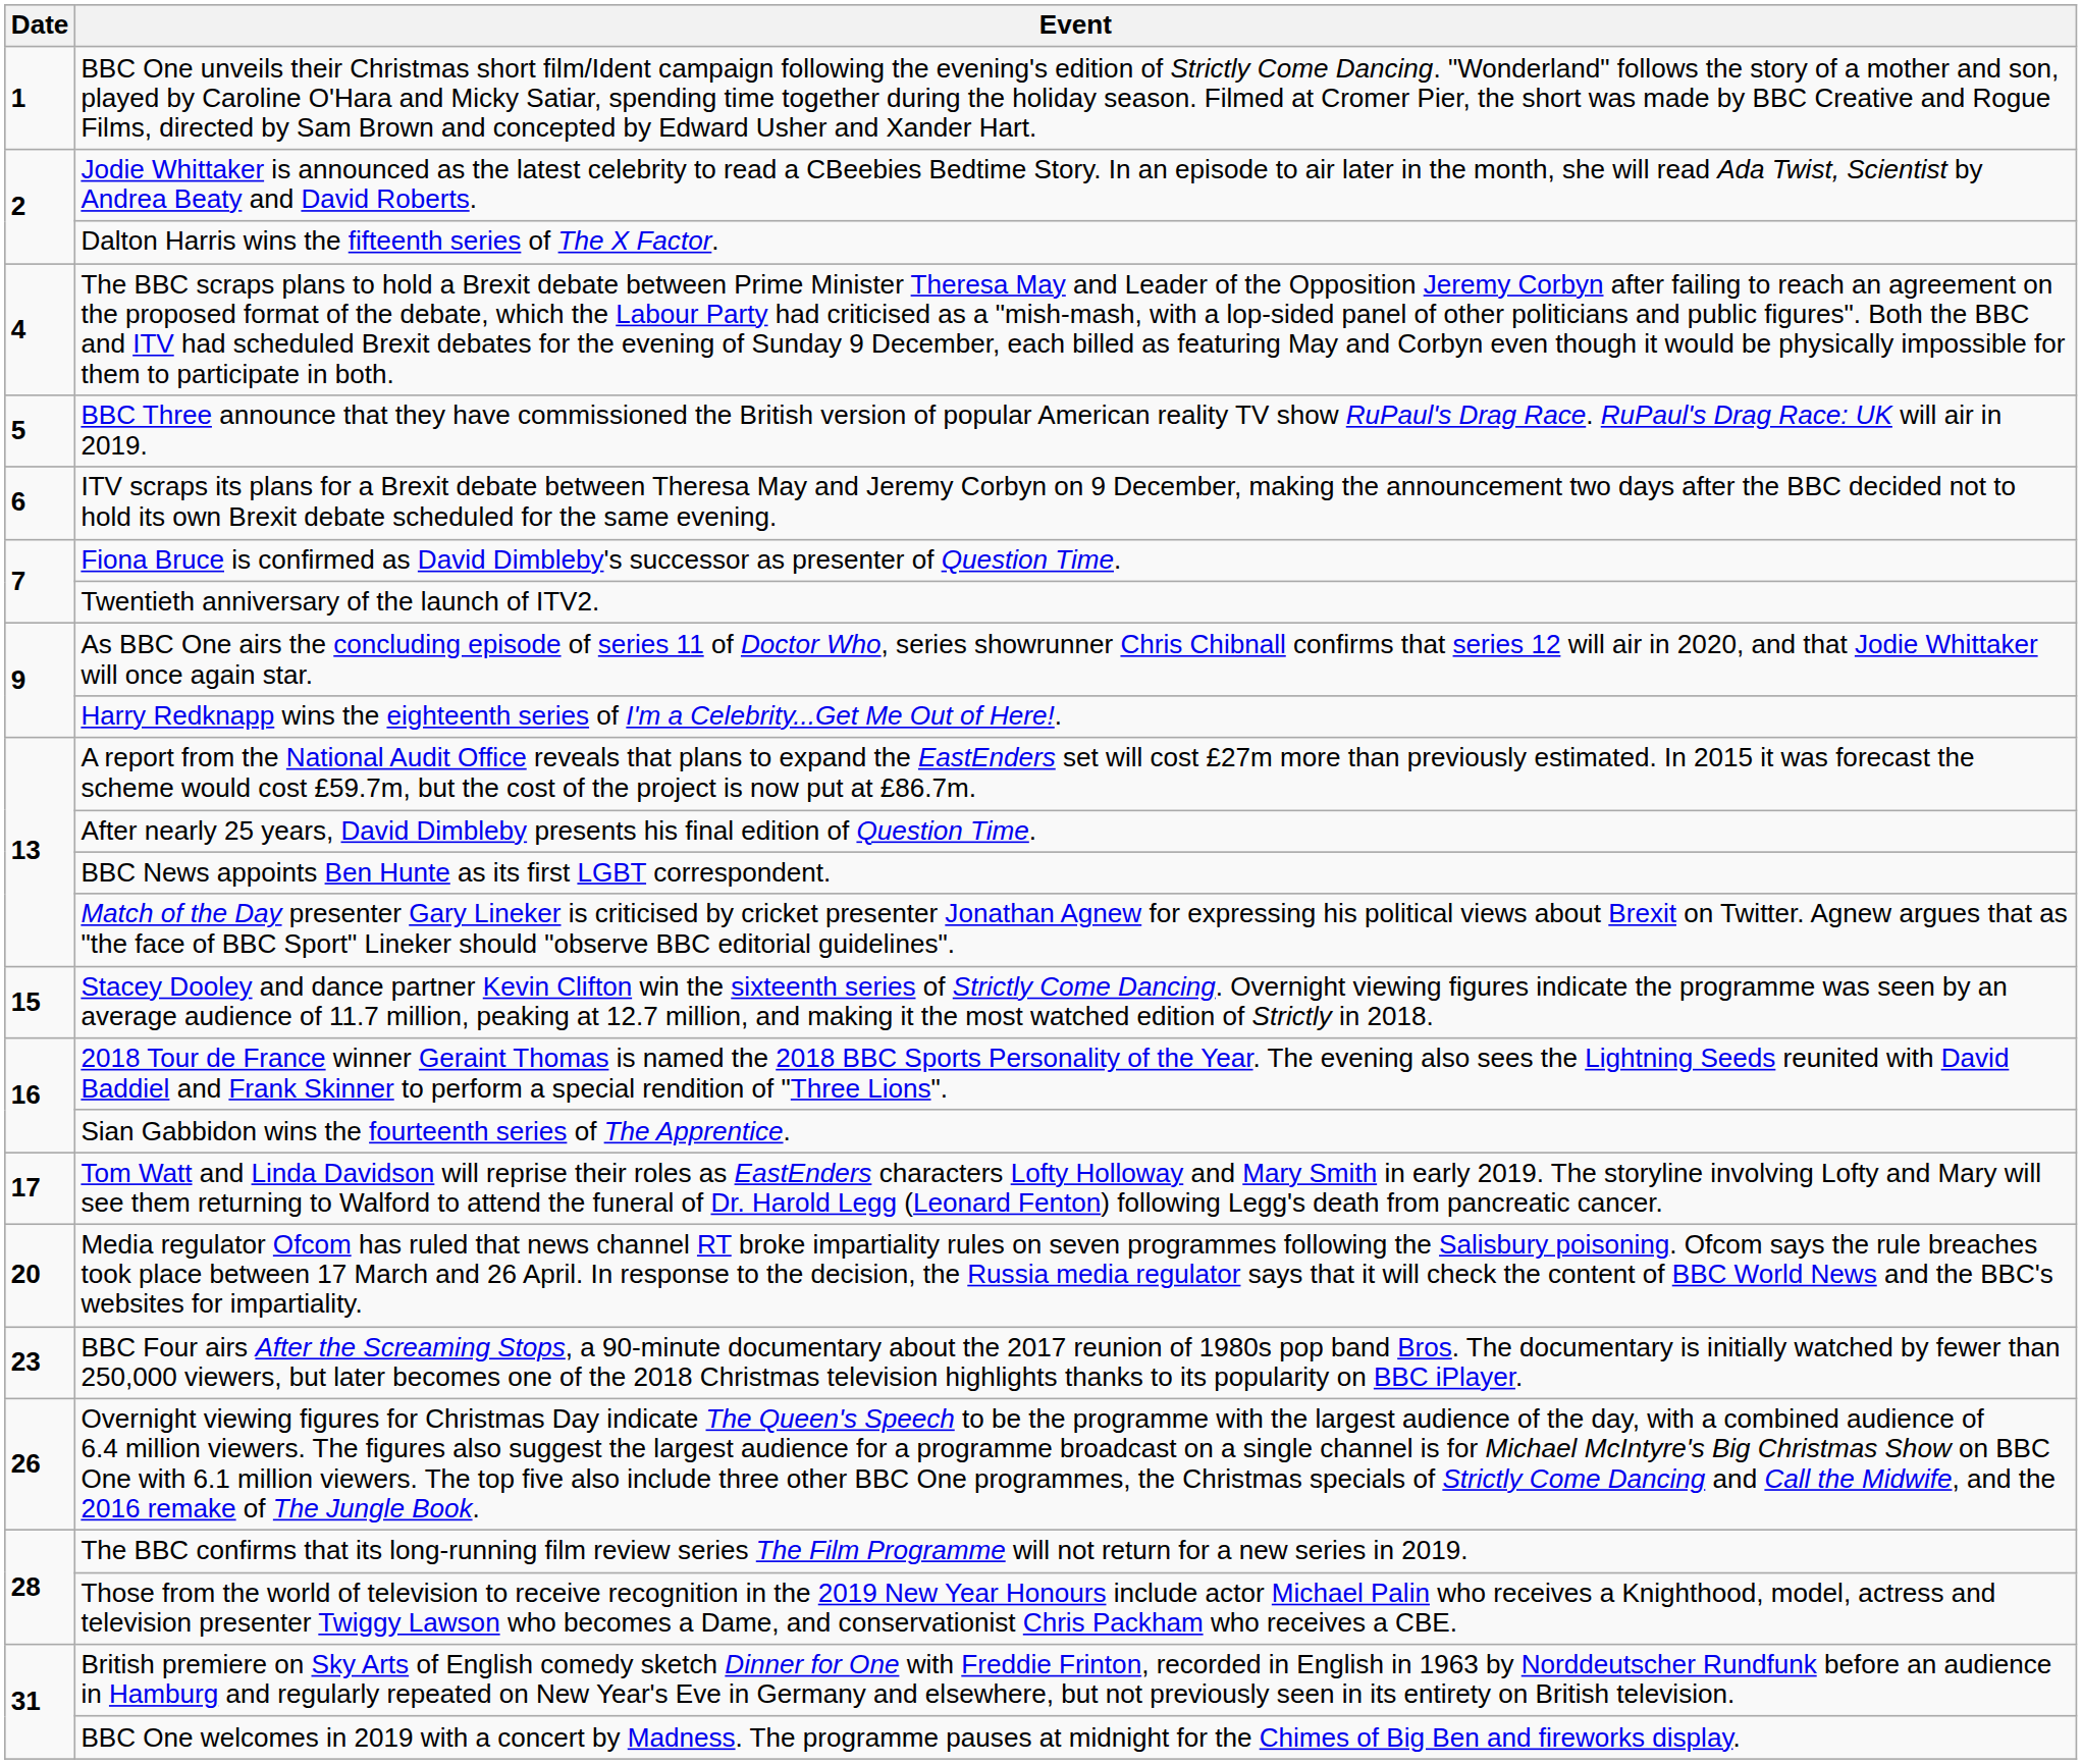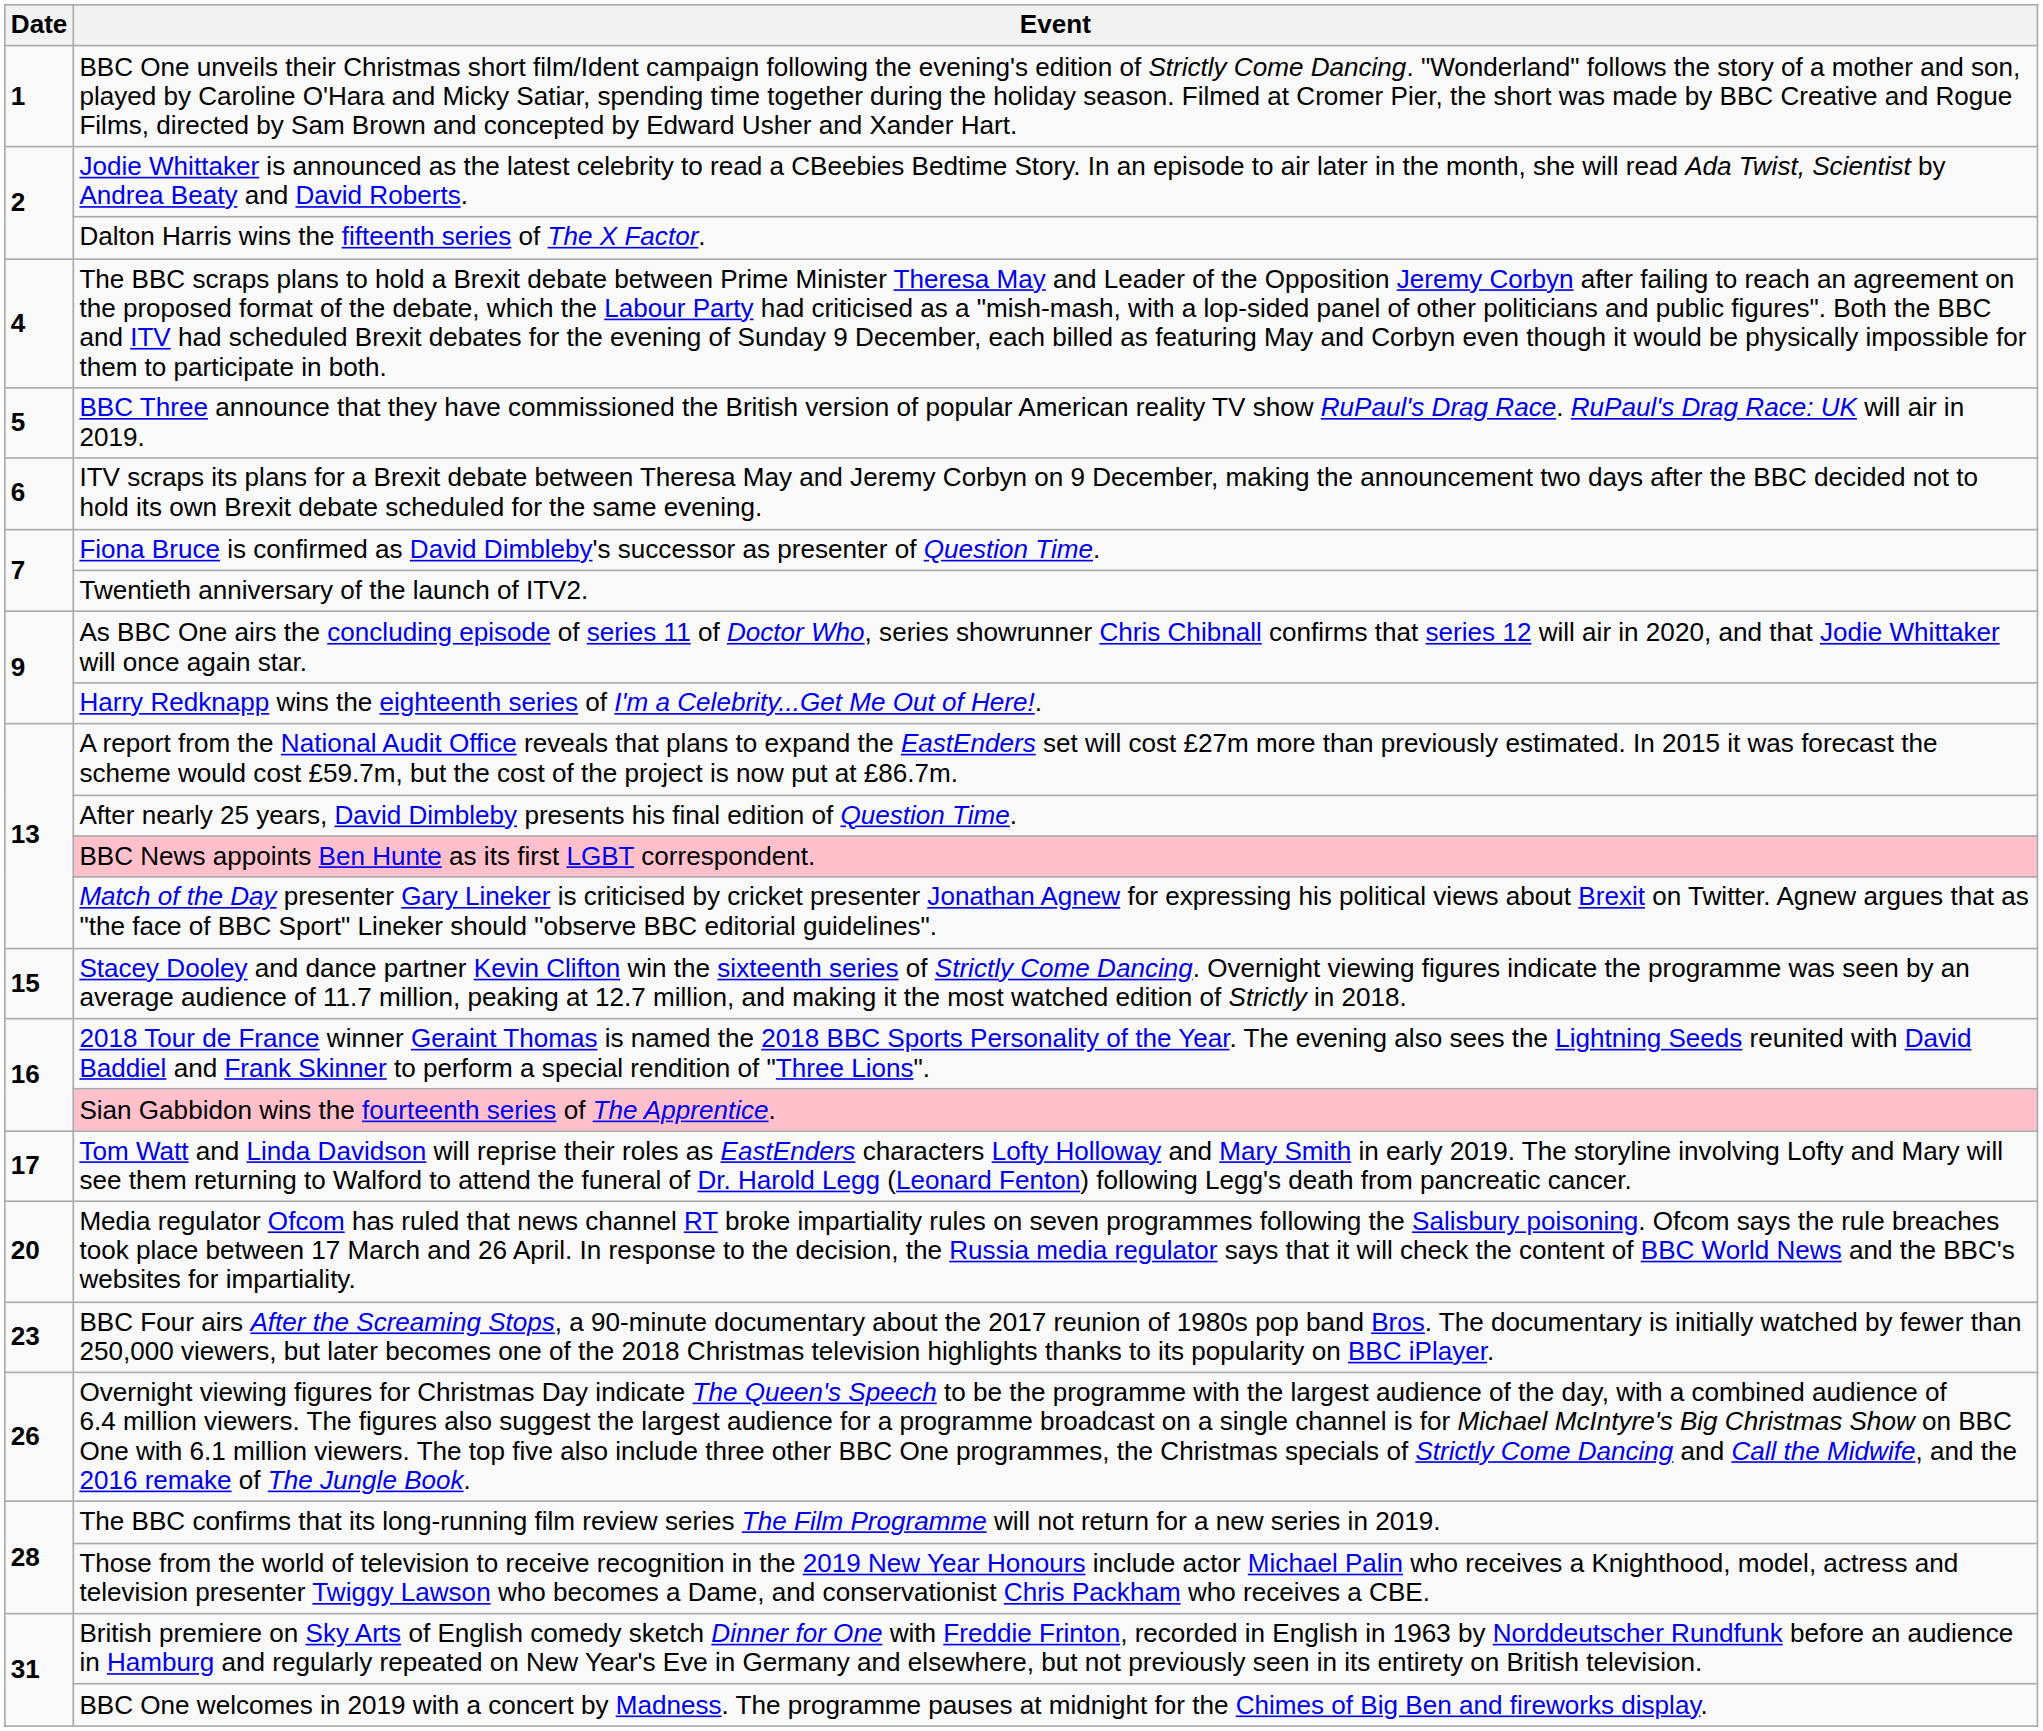 <table class="wikitable">
 <tr>
 <th>Date</th>
 <th>Event</th>
 </tr>
 <tr>
 <td><strong>1</strong></td>
 <td>BBC One unveils their Christmas short film/Ident campaign following the evening's edition of <em>Strictly Come Dancing</em>. "Wonderland" follows the story of a mother and son, played by Caroline O'Hara and Micky Satiar, spending time together during the holiday season. Filmed at Cromer Pier, the short was made by BBC Creative and Rogue Films, directed by Sam Brown and concepted by Edward Usher and Xander Hart.</td>
 </tr>
 <tr>
 <td rowspan=2><strong>2</strong></td>
 <td><a href='#'>Jodie Whittaker</a> is announced as the latest celebrity to read a CBeebies Bedtime Story. In an episode to air later in the month, she will read <em>Ada Twist, Scientist</em> by <a href='#'>Andrea Beaty</a> and <a href='#'>David Roberts</a>.</td>
 </tr>
 <tr>
 <td>Dalton Harris wins the <a href='#'>fifteenth series</a> of <em><a href='#'>The X Factor</a></em>.</td>
 </tr>
 <tr>
 <td><strong>4</strong></td>
 <td>The BBC scraps plans to hold a Brexit debate between Prime Minister <a href='#'>Theresa May</a> and Leader of the Opposition <a href='#'>Jeremy Corbyn</a> after failing to reach an agreement on the proposed format of the debate, which the <a href='#'>Labour Party</a> had criticised as a "mish-mash, with a lop-sided panel of other politicians and public figures". Both the BBC and <a href='#'>ITV</a> had scheduled Brexit debates for the evening of Sunday 9 December, each billed as featuring May and Corbyn even though it would be physically impossible for them to participate in both.</td>
 </tr>
 <tr>
 <td><strong>5</strong></td>
 <td><a href='#'>BBC Three</a> announce that they have commissioned the British version of popular American reality TV show <em><a href='#'>RuPaul's Drag Race</a></em>. <em><a href='#'>RuPaul's Drag Race: UK</a></em> will air in 2019.</td>
 </tr>
 <tr>
 <td><strong>6</strong></td>
 <td>ITV scraps its plans for a Brexit debate between Theresa May and Jeremy Corbyn on 9 December, making the announcement two days after the BBC decided not to hold its own Brexit debate scheduled for the same evening.</td>
 </tr>
 <tr>
 <td rowspan=2><strong>7</strong></td>
 <td><a href='#'>Fiona Bruce</a> is confirmed as <a href='#'>David Dimbleby</a>'s successor as presenter of <em><a href='#'>Question Time</a></em>.</td>
 </tr>
 <tr>
 <td>Twentieth anniversary of the launch of ITV2.</td>
 </tr>
 <tr>
 <td rowspan=2><strong>9</strong></td>
 <td>As BBC One airs the <a href='#'>concluding episode</a> of <a href='#'>series 11</a> of <em><a href='#'>Doctor Who</a></em>, series showrunner <a href='#'>Chris Chibnall</a> confirms that <a href='#'>series 12</a> will air in 2020, and that <a href='#'>Jodie Whittaker</a> will once again star.</td>
 </tr>
 <tr>
 <td><a href='#'>Harry Redknapp</a> wins the <a href='#'>eighteenth series</a> of <em><a href='#'>I'm a Celebrity...Get Me Out of Here!</a></em>.</td>
 </tr>
 <tr>
 <td rowspan=4><strong>13</strong></td>
 <td>A report from the <a href='#'>National Audit Office</a> reveals that plans to expand the <em><a href='#'>EastEnders</a></em> set will cost £27m more than previously estimated. In 2015 it was forecast the scheme would cost £59.7m, but the cost of the project is now put at £86.7m.</td>
 </tr>
 <tr>
 <td>After nearly 25 years, <a href='#'>David Dimbleby</a> presents his final edition of <em><a href='#'>Question Time</a></em>.</td>
 </tr>
 <tr>
-<td>BBC News appoints <a href='#'>Ben Hunte</a> as its first <a href='#'>LGBT</a> correspondent.</td>
+<td style="background: pink;">BBC News appoints <a href='#'>Ben Hunte</a> as its first <a href='#'>LGBT</a> correspondent.</td>
 </tr>
 <tr>
 <td><em><a href='#'>Match of the Day</a></em> presenter <a href='#'>Gary Lineker</a> is criticised by cricket presenter <a href='#'>Jonathan Agnew</a> for expressing his political views about <a href='#'>Brexit</a> on Twitter. Agnew argues that as "the face of BBC Sport" Lineker should "observe BBC editorial guidelines".</td>
 </tr>
 <tr>
 <td><strong>15</strong></td>
 <td><a href='#'>Stacey Dooley</a> and dance partner <a href='#'>Kevin Clifton</a> win the <a href='#'>sixteenth series</a> of <em><a href='#'>Strictly Come Dancing</a></em>. Overnight viewing figures indicate the programme was seen by an average audience of 11.7 million, peaking at 12.7 million, and making it the most watched edition of <em>Strictly</em> in 2018.</td>
 </tr>
 <tr>
 <td rowspan=2><strong>16</strong></td>
 <td><a href='#'>2018 Tour de France</a> winner <a href='#'>Geraint Thomas</a> is named the <a href='#'>2018 BBC Sports Personality of the Year</a>. The evening also sees the <a href='#'>Lightning Seeds</a> reunited with <a href='#'>David Baddiel</a> and <a href='#'>Frank Skinner</a> to perform a special rendition of "<a href='#'>Three Lions</a>".</td>
 </tr>
 <tr>
-<td>Sian Gabbidon wins the <a href='#'>fourteenth series</a> of <em><a href='#'>The Apprentice</a></em>.</td>
+<td style="background: pink;">Sian Gabbidon wins the <a href='#'>fourteenth series</a> of <em><a href='#'>The Apprentice</a></em>.</td>
 </tr>
 <tr>
 <td><strong>17</strong></td>
 <td><a href='#'>Tom Watt</a> and <a href='#'>Linda Davidson</a> will reprise their roles as <em><a href='#'>EastEnders</a></em> characters <a href='#'>Lofty Holloway</a> and <a href='#'>Mary Smith</a> in early 2019. The storyline involving Lofty and Mary will see them returning to Walford to attend the funeral of <a href='#'>Dr. Harold Legg</a> (<a href='#'>Leonard Fenton</a>) following Legg's death from pancreatic cancer.</td>
 </tr>
 <tr>
 <td><strong>20</strong></td>
 <td>Media regulator <a href='#'>Ofcom</a> has ruled that news channel <a href='#'>RT</a> broke impartiality rules on seven programmes following the <a href='#'>Salisbury poisoning</a>. Ofcom says the rule breaches took place between 17 March and 26 April. In response to the decision, the <a href='#'>Russia media regulator</a> says that it will check the content of <a href='#'>BBC World News</a> and the BBC's websites for impartiality.</td>
 </tr>
 <tr>
 <td><strong>23</strong></td>
 <td>BBC Four airs <em><a href='#'>After the Screaming Stops</a></em>, a 90-minute documentary about the 2017 reunion of 1980s pop band <a href='#'>Bros</a>. The documentary is initially watched by fewer than 250,000 viewers, but later becomes one of the 2018 Christmas television highlights thanks to its popularity on <a href='#'>BBC iPlayer</a>.</td>
 </tr>
 <tr>
 <td><strong>26</strong></td>
 <td>Overnight viewing figures for Christmas Day indicate <em><a href='#'>The Queen's Speech</a></em> to be the programme with the largest audience of the day, with a combined audience of 6.4 million viewers. The figures also suggest the largest audience for a programme broadcast on a single channel is for <em>Michael McIntyre's Big Christmas Show</em> on BBC One with 6.1 million viewers. The top five also include three other BBC One programmes, the Christmas specials of <em><a href='#'>Strictly Come Dancing</a></em> and <em><a href='#'>Call the Midwife</a></em>, and the <a href='#'>2016 remake</a> of <em><a href='#'>The Jungle Book</a></em>.</td>
 </tr>
 <tr>
 <td rowspan=2><strong>28</strong></td>
 <td>The BBC confirms that its long-running film review series <em><a href='#'>The Film Programme</a></em> will not return for a new series in 2019.</td>
 </tr>
 <tr>
 <td>Those from the world of television to receive recognition in the <a href='#'>2019 New Year Honours</a> include actor <a href='#'>Michael Palin</a> who receives a Knighthood, model, actress and television presenter <a href='#'>Twiggy Lawson</a> who becomes a Dame, and conservationist <a href='#'>Chris Packham</a> who receives a CBE.</td>
 </tr>
 <tr>
 <td rowspan=2><strong>31</strong></td>
 <td>British premiere on <a href='#'>Sky Arts</a> of English comedy sketch <em><a href='#'>Dinner for One</a></em> with <a href='#'>Freddie Frinton</a>, recorded in English in 1963 by <a href='#'>Norddeutscher Rundfunk</a> before an audience in <a href='#'>Hamburg</a> and regularly repeated on New Year's Eve in Germany and elsewhere, but not previously seen in its entirety on British television.</td>
 </tr>
 <tr>
 <td>BBC One welcomes in 2019 with a concert by <a href='#'>Madness</a>. The programme pauses at midnight for the <a href='#'>Chimes of Big Ben and fireworks display</a>.</td>
 </tr>
 </table>
